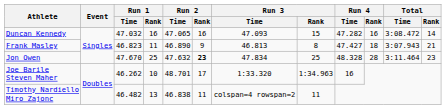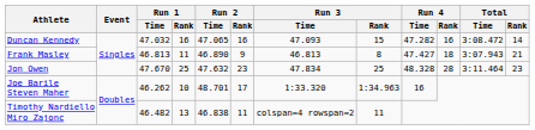 <table class=wikitable style=font-size:90%;text-align:center>
 <tr>
 <th rowspan=2>Athlete</th>
 <th rowspan=2>Event</th>
 <th colspan=2>Run 1</th>
 <th colspan=2>Run 2</th>
 <th colspan=2>Run 3</th>
 <th colspan=2>Run 4</th>
 <th colspan=2>Total</th>
 </tr>
 <tr style=font-size:95%>
 <th>Time</th>
 <th>Rank</th>
 <th>Time</th>
 <th>Rank</th>
 <th>Time</th>
 <th>Rank</th>
 <th>Time</th>
 <th>Rank</th>
 <th>Time</th>
 <th>Rank</th>
 </tr>
 <tr>
 <td align=left><a href='#'>Duncan Kennedy</a></td>
 <td align=left rowspan=3><a href='#'>Singles</a></td>
 <td>47.032</td>
 <td>16</td>
 <td>47.065</td>
 <td>16</td>
 <td>47.093</td>
 <td>15</td>
 <td>47.282</td>
 <td>16</td>
 <td>3:08.472</td>
 <td>14</td>
 </tr>
 <tr>
 <td align=left><a href='#'>Frank Masley</a></td>
-<td>46.823</td>
+<td>46.813</td>
 <td>11</td>
 <td>46.890</td>
 <td>9</td>
 <td>46.813</td>
 <td>8</td>
 <td>47.427</td>
 <td>18</td>
 <td>3:07.943</td>
 <td>21</td>
 </tr>
 <tr>
 <td align=left><a href='#'>Jon Owen</a></td>
 <td>47.670</td>
 <td>25</td>
 <td>47.632</td>
-<td><strong>23</strong></td>
+<td>23</td>
 <td>47.834</td>
 <td>25</td>
 <td>48.328</td>
 <td>28</td>
 <td>3:11.464</td>
 <td>23</td>
 </tr>
 <tr>
 <td align=left><a href='#'>Joe Barile</a><br><a href='#'>Steven Maher</a></td>
 <td align=left rowspan=2><a href='#'>Doubles</a></td>
 <td>46.262</td>
 <td>10</td>
 <td>48.701</td>
 <td>17</td>
 <td>1:33.320</td>
 <td>1:34.963</td>
 <td>16</td>
 </tr>
 <tr>
 <td align=left><a href='#'>Timothy Nardiello</a><br><a href='#'>Miro Zajonc</a></td>
 <td>46.482</td>
 <td>13</td>
 <td>46.838</td>
 <td>11</td>
 <td>colspan=4 rowspan=2 </td>
 <td>11</td>
 </tr>
 </table>
